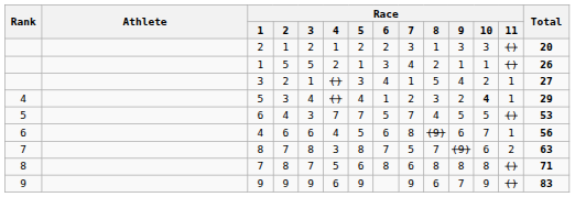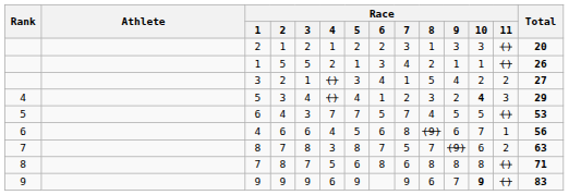 <table class="wikitable" style="text-align:center">
 <tr>
 <th rowspan="2" width=40>Rank</th>
 <th rowspan="2" width=250>Athlete</th>
 <th colspan="11">Race</th>
 <th rowspan="2" width=50>Total</th>
 </tr>
 <tr>
 <th width=25>1</th>
 <th width=25>2</th>
 <th width=25>3</th>
 <th width=25>4</th>
 <th width=25>5</th>
 <th width=25>6</th>
 <th width=25>7</th>
 <th width=25>8</th>
 <th width=25>9</th>
 <th width=25>10</th>
 <th width=25>11</th>
 </tr>
 <tr>
 <td></td>
 <td align=left></td>
 <td>2</td>
 <td>1</td>
 <td>2</td>
 <td>1</td>
 <td>2</td>
 <td>2</td>
 <td>3</td>
 <td>1</td>
 <td>3</td>
 <td>3</td>
 <td><s>()</s></td>
 <td><strong>20</strong></td>
 </tr>
 <tr>
 <td></td>
 <td align=left></td>
 <td>1</td>
 <td>5</td>
 <td>5</td>
 <td>2</td>
 <td>1</td>
 <td>3</td>
 <td>4</td>
 <td>2</td>
 <td>1</td>
 <td>1</td>
 <td><s>()</s></td>
 <td><strong>26</strong></td>
 </tr>
 <tr>
 <td></td>
 <td align=left></td>
 <td>3</td>
 <td>2</td>
 <td>1</td>
 <td><s>()</s></td>
 <td>3</td>
 <td>4</td>
 <td>1</td>
 <td>5</td>
 <td>4</td>
 <td>2</td>
-<td>1</td>
+<td>2</td>
 <td><strong>27</strong></td>
 </tr>
 <tr>
 <td>4</td>
 <td align=left></td>
 <td>5</td>
 <td>3</td>
 <td>4</td>
 <td><s>()</s></td>
 <td>4</td>
 <td>1</td>
 <td>2</td>
 <td>3</td>
 <td>2</td>
 <td><strong>4</strong></td>
-<td>1</td>
+<td>3</td>
 <td><strong>29</strong></td>
 </tr>
 <tr>
 <td>5</td>
 <td align=left></td>
 <td>6</td>
 <td>4</td>
 <td>3</td>
 <td>7</td>
 <td>7</td>
 <td>5</td>
 <td>7</td>
 <td>4</td>
 <td>5</td>
 <td>5</td>
 <td><s>()</s></td>
 <td><strong>53</strong></td>
 </tr>
 <tr>
 <td>6</td>
 <td align=left></td>
 <td>4</td>
 <td>6</td>
 <td>6</td>
 <td>4</td>
 <td>5</td>
 <td>6</td>
 <td>8</td>
 <td><s>(9)</s></td>
 <td>6</td>
 <td>7</td>
 <td>1</td>
 <td><strong>56</strong></td>
 </tr>
 <tr>
 <td>7</td>
 <td align=left></td>
 <td>8</td>
 <td>7</td>
 <td>8</td>
 <td>3</td>
 <td>8</td>
 <td>7</td>
 <td>5</td>
 <td>7</td>
 <td><s>(9)</s></td>
 <td>6</td>
 <td>2</td>
 <td><strong>63</strong></td>
 </tr>
 <tr>
 <td>8</td>
 <td align=left></td>
 <td>7</td>
 <td>8</td>
 <td>7</td>
 <td>5</td>
 <td>6</td>
 <td>8</td>
 <td>6</td>
 <td>8</td>
 <td>8</td>
 <td>8</td>
 <td><s>()</s></td>
 <td><strong>71</strong></td>
 </tr>
 <tr>
 <td>9</td>
 <td align=left></td>
 <td>9</td>
 <td>9</td>
 <td>9</td>
 <td>6</td>
 <td>9</td>
 <td></td>
 <td>9</td>
 <td>6</td>
 <td>7</td>
-<td>9</td>
+<td><strong>9</strong></td>
 <td><s>()</s></td>
 <td><strong>83</strong></td>
 </tr>
 </table>
